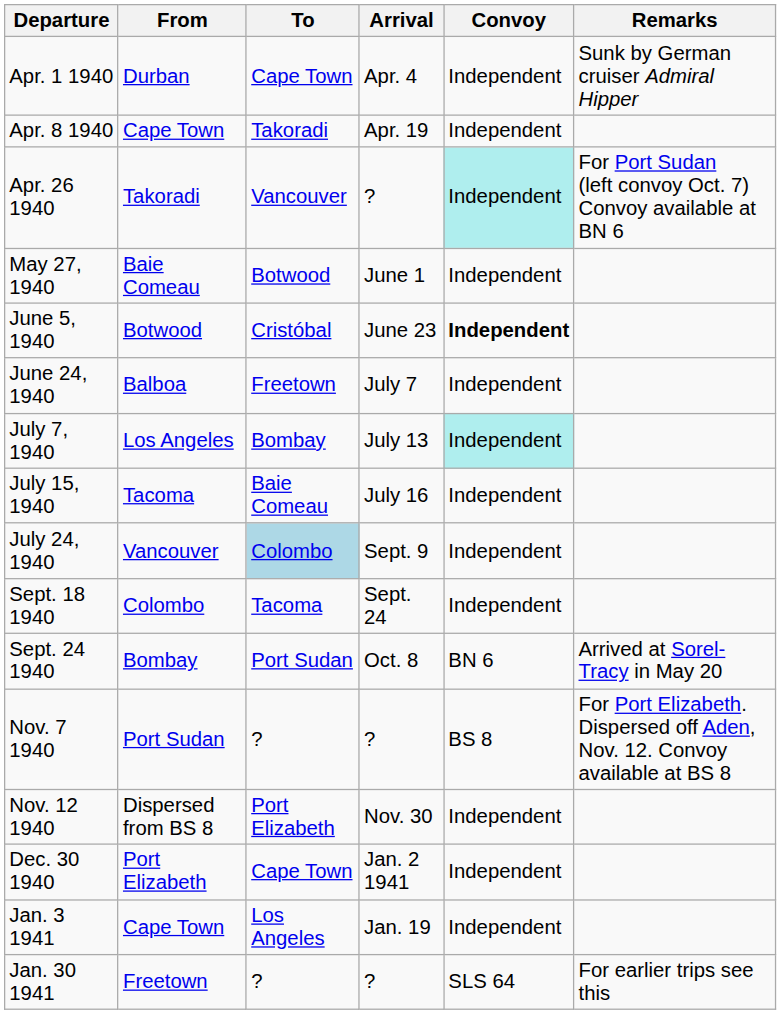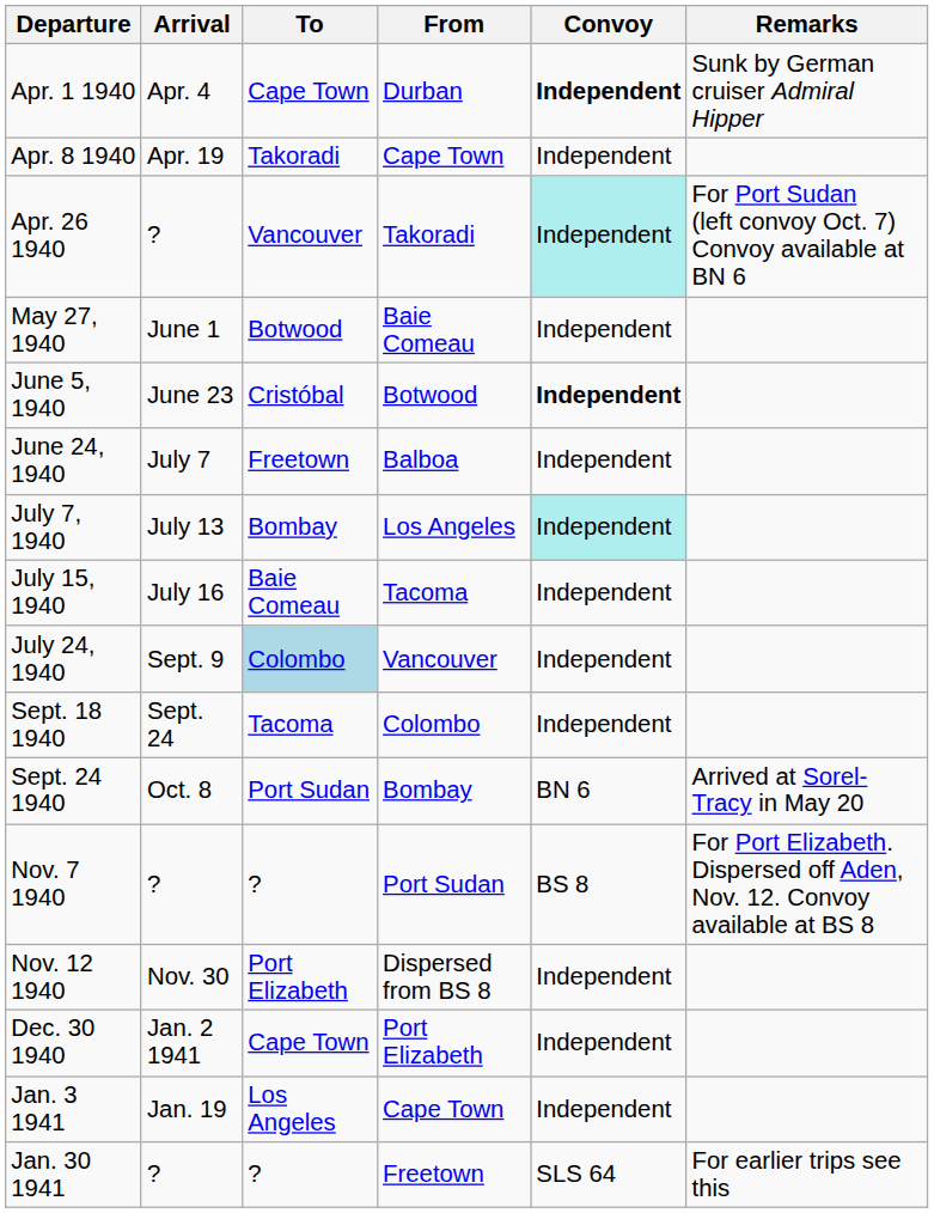 <table class="wikitable sortable">
 <tr>
 <th>Departure</th>
+<th>Arrival</th>
+<th>To</th>
 <th>From</th>
-<th>To</th>
-<th>Arrival</th>
 <th>Convoy</th>
 <th>Remarks</th>
 </tr>
 <tr>
 <td>Apr. 1	1940</td>
+<td>Apr. 4</td>
+<td><a href='#'>Cape Town</a></td>
 <td><a href='#'>Durban</a></td>
-<td><a href='#'>Cape Town</a></td>
-<td>Apr. 4</td>
-<td>Independent</td>
+<td><strong>Independent</strong></td>
 <td>Sunk by German cruiser <em>Admiral Hipper</em></td>
 </tr>
 <tr>
 <td>Apr. 8	1940</td>
+<td>Apr. 19</td>
+<td><a href='#'>Takoradi</a></td>
 <td><a href='#'>Cape Town</a></td>
-<td><a href='#'>Takoradi</a></td>
-<td>Apr. 19</td>
 <td>Independent</td>
 <td></td>
 </tr>
 <tr>
 <td>Apr. 26 1940</td>
+<td>?</td>
+<td><a href='#'>Vancouver</a></td>
 <td><a href='#'>Takoradi</a></td>
-<td><a href='#'>Vancouver</a></td>
-<td>?</td>
 <td style="background: paleturquoise;">Independent</td>
 <td>For <a href='#'>Port Sudan</a><br>(left convoy Oct. 7) Convoy available at BN 6</td>
 </tr>
 <tr>
 <td>May 27, 1940</td>
+<td>June 1</td>
+<td><a href='#'>Botwood</a></td>
 <td><a href='#'>Baie Comeau</a></td>
-<td><a href='#'>Botwood</a></td>
-<td>June 1</td>
 <td>Independent</td>
 <td></td>
 </tr>
 <tr>
 <td>June 5, 1940</td>
+<td>June 23</td>
+<td><a href='#'>Cristóbal</a></td>
 <td><a href='#'>Botwood</a></td>
-<td><a href='#'>Cristóbal</a></td>
-<td>June 23</td>
 <td><strong>Independent</strong></td>
 <td></td>
 </tr>
 <tr>
 <td>June 24, 1940</td>
+<td>July 7</td>
+<td><a href='#'>Freetown</a></td>
 <td><a href='#'>Balboa</a></td>
-<td><a href='#'>Freetown</a></td>
-<td>July 7</td>
 <td>Independent</td>
 <td></td>
 </tr>
 <tr>
 <td>July 7, 1940</td>
+<td>July 13</td>
+<td><a href='#'>Bombay</a></td>
 <td><a href='#'>Los Angeles</a></td>
-<td><a href='#'>Bombay</a></td>
-<td>July 13</td>
 <td style="background: paleturquoise;">Independent</td>
 <td></td>
 </tr>
 <tr>
 <td>July 15, 1940</td>
+<td>July 16</td>
+<td><a href='#'>Baie Comeau</a></td>
 <td><a href='#'>Tacoma</a></td>
-<td><a href='#'>Baie Comeau</a></td>
-<td>July 16</td>
 <td>Independent</td>
 <td></td>
 </tr>
 <tr>
 <td>July 24, 1940</td>
+<td>Sept. 9</td>
+<td style="background: lightblue;"><a href='#'>Colombo</a></td>
 <td><a href='#'>Vancouver</a></td>
-<td style="background: lightblue;"><a href='#'>Colombo</a></td>
-<td>Sept. 9</td>
 <td>Independent</td>
 <td></td>
 </tr>
 <tr>
 <td>Sept. 18 1940</td>
+<td>Sept. 24</td>
+<td><a href='#'>Tacoma</a></td>
 <td><a href='#'>Colombo</a></td>
-<td><a href='#'>Tacoma</a></td>
-<td>Sept. 24</td>
 <td>Independent</td>
 <td></td>
 </tr>
 <tr>
 <td>Sept. 24 1940</td>
+<td>Oct. 8</td>
+<td><a href='#'>Port Sudan</a></td>
 <td><a href='#'>Bombay</a></td>
-<td><a href='#'>Port Sudan</a></td>
-<td>Oct. 8</td>
 <td>BN 6</td>
 <td>Arrived at <a href='#'>Sorel-Tracy</a> in May 20 </td>
 </tr>
 <tr>
 <td>Nov. 7 1940</td>
-<td><a href='#'>Port Sudan</a></td>
 <td>?</td>
 <td>?</td>
+<td><a href='#'>Port Sudan</a></td>
 <td>BS 8</td>
 <td>For <a href='#'>Port Elizabeth</a>.<br>Dispersed off <a href='#'>Aden</a>, Nov. 12. Convoy available at BS 8 </td>
 </tr>
 <tr>
 <td>Nov. 12 1940</td>
+<td>Nov. 30</td>
+<td><a href='#'>Port Elizabeth</a></td>
 <td>Dispersed from BS 8</td>
-<td><a href='#'>Port Elizabeth</a></td>
-<td>Nov. 30</td>
 <td>Independent</td>
 <td></td>
 </tr>
 <tr>
 <td>Dec. 30 1940</td>
+<td>Jan. 2 1941</td>
+<td><a href='#'>Cape Town</a></td>
 <td><a href='#'>Port Elizabeth</a></td>
-<td><a href='#'>Cape Town</a></td>
-<td>Jan. 2 1941</td>
 <td>Independent</td>
 <td></td>
 </tr>
 <tr>
 <td>Jan. 3 1941</td>
+<td>Jan. 19</td>
+<td><a href='#'>Los Angeles</a></td>
 <td><a href='#'>Cape Town</a></td>
-<td><a href='#'>Los Angeles</a></td>
-<td>Jan. 19</td>
 <td>Independent</td>
 <td></td>
 </tr>
 <tr>
 <td>Jan. 30 1941</td>
-<td><a href='#'>Freetown</a></td>
 <td>?</td>
 <td>?</td>
+<td><a href='#'>Freetown</a></td>
 <td>SLS 64</td>
 <td>For earlier trips see this </td>
 </tr>
 </table>
